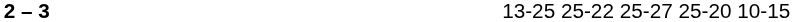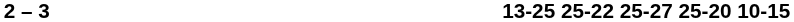 <table width=100% cellspacing=1>
 <tr>
 <th width=20%></th>
 <th width=12%></th>
 <th width=20%></th>
 <th width=33%></th>
 <td></td>
 </tr>
 <tr style=font-size:90%>
 <td align=right></td>
 <td align=center><strong>2 – 3</strong></td>
 <td><strong></strong></td>
-<td>13-25 25-22 25-27 25-20 10-15</td>
+<td><strong>13-25 25-22 25-27 25-20 10-15</strong></td>
 </tr>
 </table>
